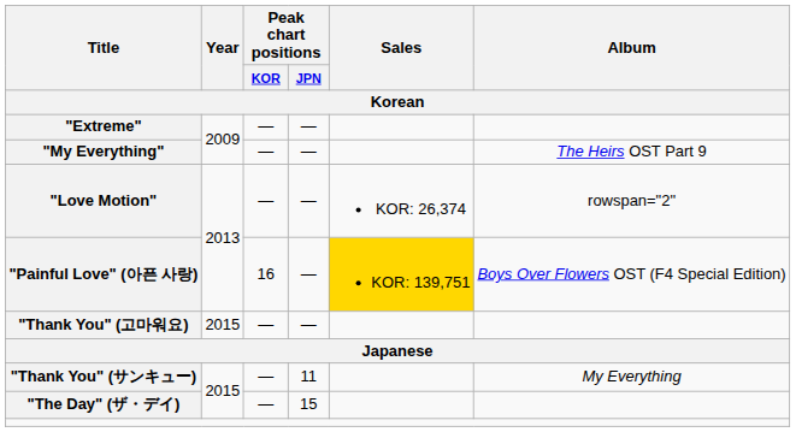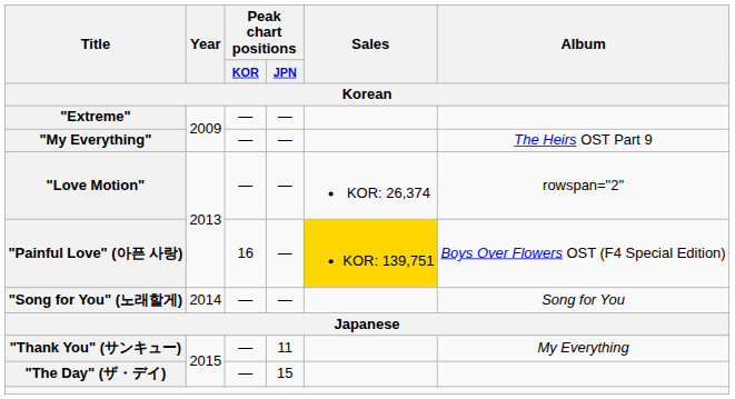 <table class="wikitable plainrowheaders" style="text-align:center;">
 <tr>
 <th scope="col" rowspan="2">Title</th>
 <th scope="col" rowspan="2">Year</th>
 <th scope="col" colspan="2" style="width:5em;">Peak chart positions</th>
 <th scope="col" rowspan="2">Sales</th>
 <th scope="col" rowspan="2">Album</th>
 </tr>
 <tr>
 <th><small><a href='#'>KOR</a></small><br></th>
 <th><small><a href='#'>JPN</a></small><br></th>
 </tr>
 <tr>
 <th colspan="6">Korean</th>
 </tr>
 <tr>
 <th scope="row">"Extreme"<br></th>
 <td rowspan="2">2009</td>
 <td>—</td>
 <td>—</td>
 <td></td>
 <td></td>
 </tr>
 <tr>
 <th scope="row">"My Everything"</th>
 <td>—</td>
 <td>—</td>
 <td></td>
 <td><em><a href='#'>The Heirs</a></em> OST Part 9</td>
 </tr>
 <tr>
 <th scope="row">"Love Motion"</th>
 <td rowspan="2">2013</td>
 <td>—</td>
 <td>—</td>
 <td><br><ul><li>KOR: 26,374</li></ul></td>
 <td>rowspan="2" </td>
 </tr>
 <tr>
 <th scope="row">"Painful Love" (아픈 사랑)</th>
 <td>16</td>
 <td>—</td>
 <td style="background: gold;"><br><ul><li>KOR: 139,751</li></ul></td>
 <td><em><a href='#'>Boys Over Flowers</a></em> OST (F4 Special Edition)</td>
 </tr>
 <tr>
-<th scope="row">"Thank You" (고마워요)</th>
-<td>2015</td>
+<th scope="row">"Song for You" (노래할게)</th>
+<td>2014</td>
 <td>—</td>
 <td>—</td>
 <td></td>
-<td></td>
+<td><em>Song for You</em></td>
 </tr>
 <tr>
 <th colspan="6">Japanese</th>
 </tr>
 <tr>
 <th scope="row">"Thank You" (サンキュー)</th>
 <td rowspan="2">2015</td>
 <td>—</td>
 <td>11</td>
 <td></td>
 <td><em>My Everything</em></td>
 </tr>
 <tr>
 <th scope="row">"The Day" (ザ・デイ)</th>
 <td>—</td>
 <td>15</td>
 <td></td>
 </tr>
 <tr>
 <td colspan="6" align="center"></td>
 </tr>
 </table>
